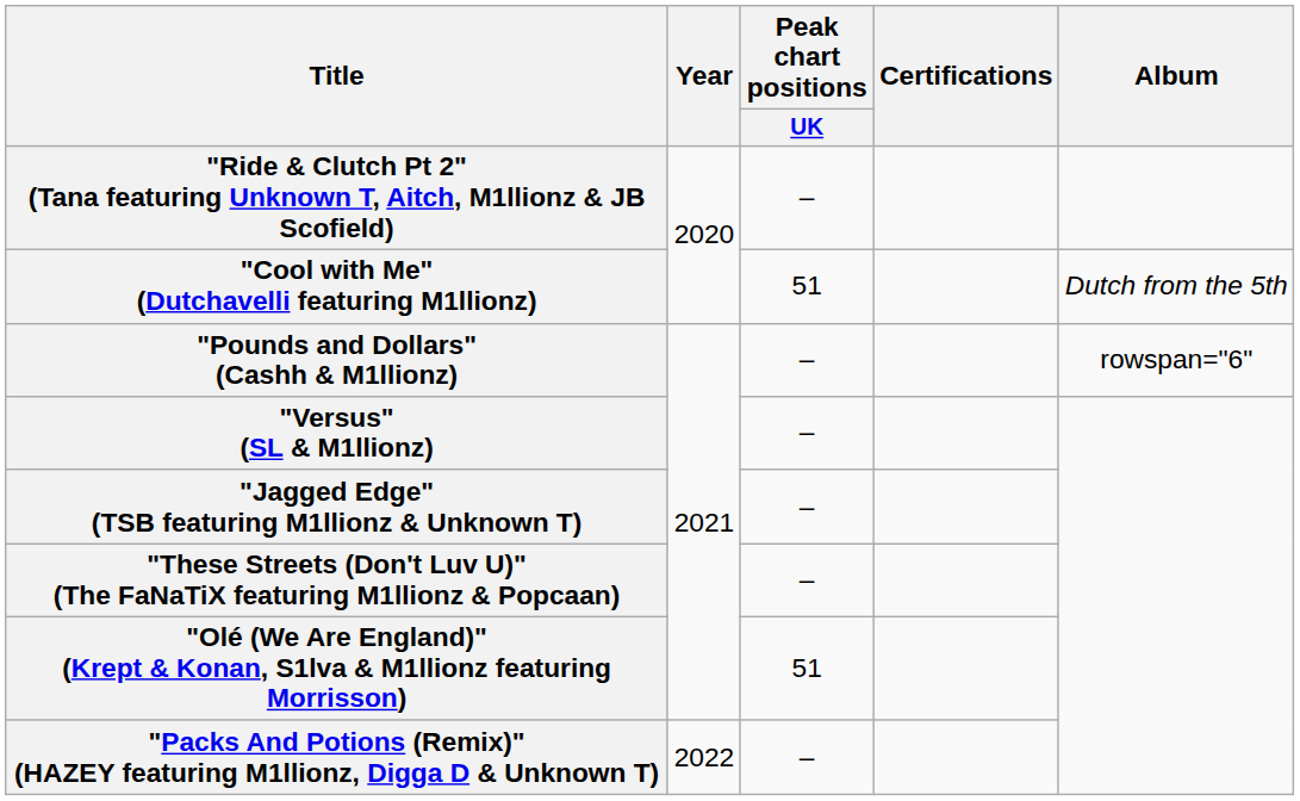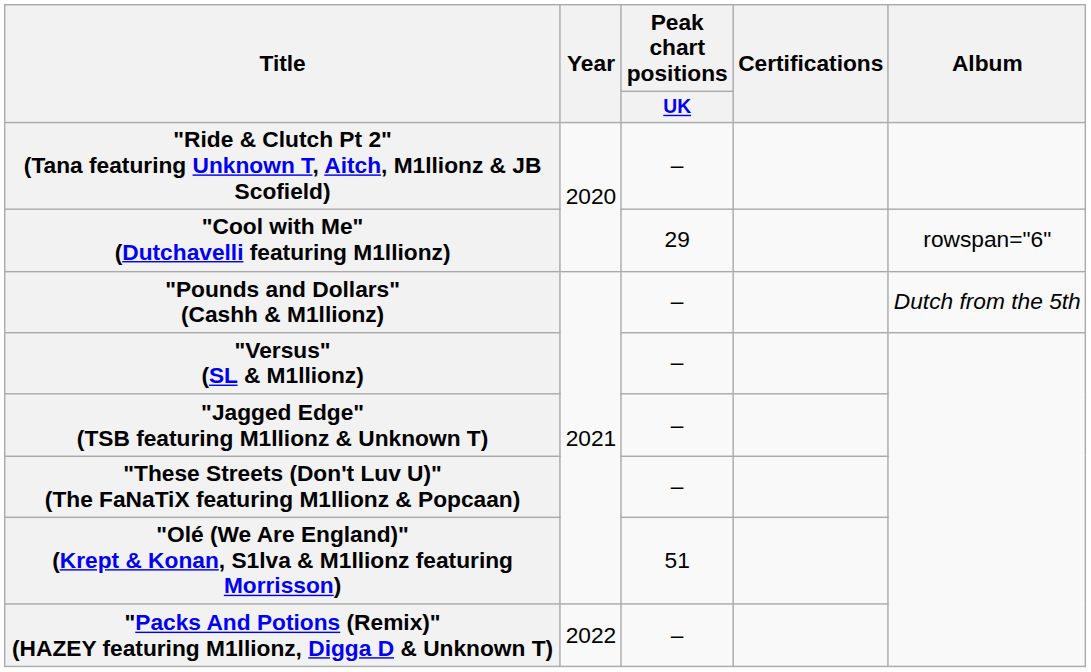 <table class="wikitable plainrowheaders" style="text-align:center;">
 <tr>
 <th scope="col" rowspan="2" style="width:24em;">Title</th>
 <th scope="col" rowspan="2" style="width:1em;">Year</th>
 <th scope="col" colspan="1">Peak chart positions</th>
 <th scope="col" rowspan="2">Certifications</th>
 <th scope="col" rowspan="2">Album</th>
 </tr>
 <tr>
 <th scope="col" style="width:3em;font-size:85%;"><a href='#'>UK</a><br></th>
 </tr>
 <tr>
 <th scope="row">"Ride & Clutch Pt 2"<br><span>(Tana featuring <a href='#'>Unknown T</a>, <a href='#'>Aitch</a>, M1llionz & JB Scofield)</span></th>
 <td rowspan="2">2020</td>
 <td>–</td>
 <td></td>
 <td></td>
 </tr>
 <tr>
 <th scope="row">"Cool with Me"<br><span>(<a href='#'>Dutchavelli</a> featuring M1llionz)</span></th>
-<td>51</td>
+<td>29</td>
 <td></td>
-<td><em>Dutch from the 5th</em></td>
+<td>rowspan="6" </td>
 </tr>
 <tr>
 <th scope="row">"Pounds and Dollars"<br><span>(Cashh & M1llionz)</span></th>
 <td rowspan="5">2021</td>
 <td>–</td>
 <td></td>
-<td>rowspan="6" </td>
+<td><em>Dutch from the 5th</em></td>
 </tr>
 <tr>
 <th scope="row">"Versus"<br><span>(<a href='#'>SL</a> & M1llionz)</span></th>
 <td>–</td>
 <td></td>
 </tr>
 <tr>
 <th scope="row">"Jagged Edge"<br><span>(TSB featuring M1llionz & Unknown T)</span></th>
 <td>–</td>
 <td></td>
 </tr>
 <tr>
 <th scope="row">"These Streets (Don't Luv U)"<br><span>(The FaNaTiX featuring M1llionz & Popcaan)</span></th>
 <td>–</td>
 <td></td>
 </tr>
 <tr>
 <th scope="row">"Olé (We Are England)"<br><span>(<a href='#'>Krept & Konan</a>, S1lva & M1llionz featuring <a href='#'>Morrisson</a>)</span></th>
 <td>51</td>
 <td></td>
 </tr>
 <tr>
 <th scope="row">"<a href='#'>Packs And Potions</a> (Remix)"<br><span>(HAZEY featuring M1llionz, <a href='#'>Digga D</a> & Unknown T)</span></th>
 <td>2022</td>
 <td>–</td>
 <td></td>
 </tr>
 </table>
